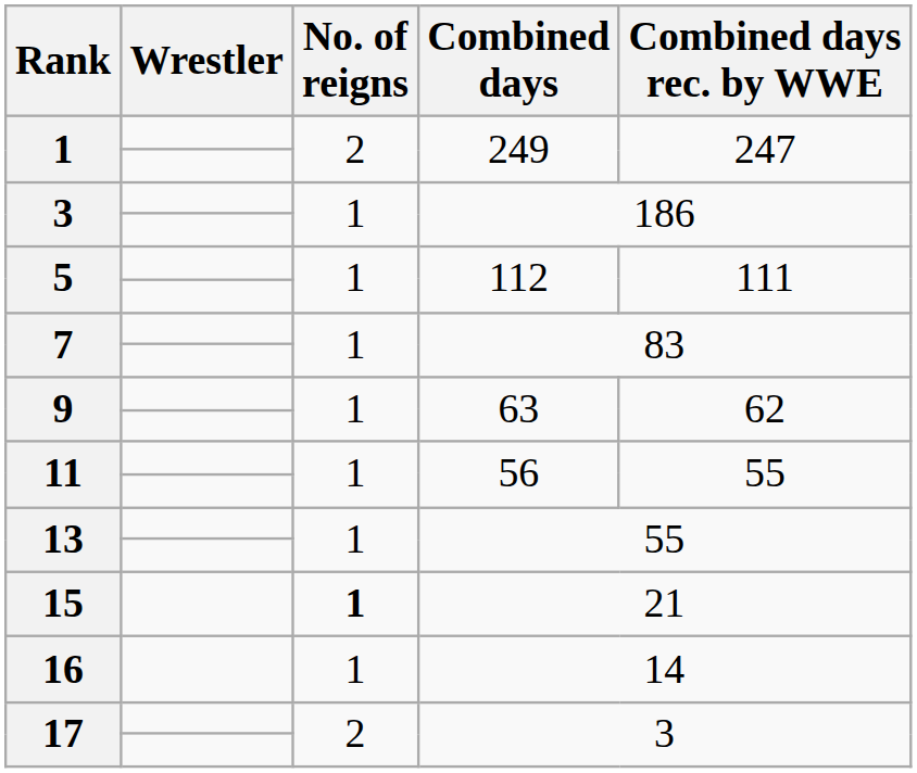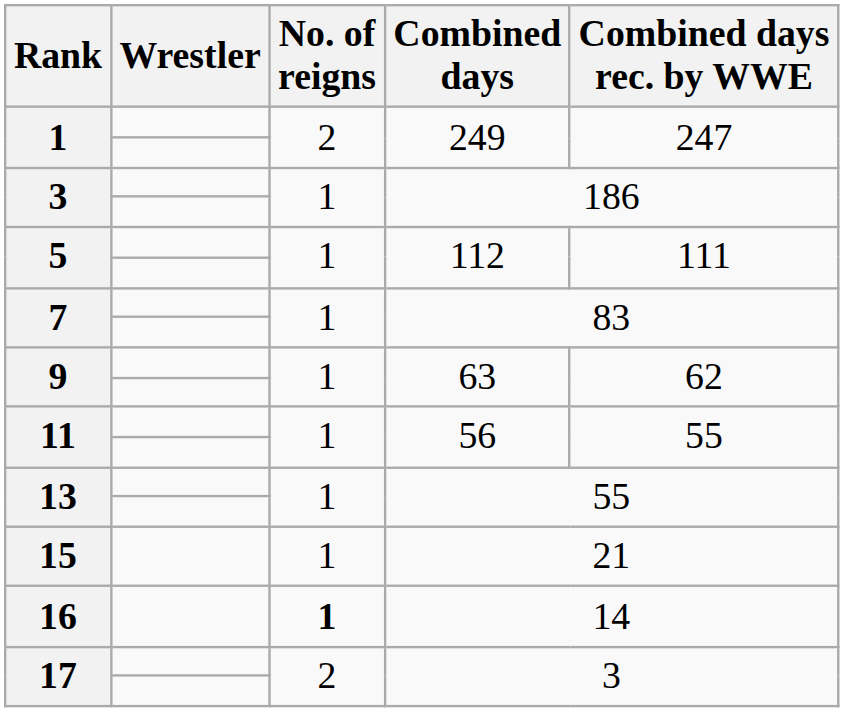 <table class="wikitable sortable" style="text-align: center">
 <tr>
 <th>Rank</th>
 <th>Wrestler</th>
 <th>No. of<br>reigns</th>
 <th>Combined<br>days</th>
 <th>Combined days<br>rec. by WWE</th>
 </tr>
 <tr>
 <th rowspan=2>1</th>
 <td></td>
 <td rowspan=2>2</td>
 <td rowspan=2>249</td>
 <td rowspan=2>247</td>
 </tr>
 <tr>
 <td></td>
 </tr>
 <tr>
 <th rowspan=2>3</th>
 <td></td>
 <td rowspan=2>1</td>
 <td rowspan=2 colspan=2>186</td>
 </tr>
 <tr>
 <td></td>
 </tr>
 <tr>
 <th rowspan=2>5</th>
 <td></td>
 <td rowspan=2>1</td>
 <td rowspan="2">112</td>
 <td rowspan="2">111</td>
 </tr>
 <tr>
 <td></td>
 </tr>
 <tr>
 <th rowspan=2>7</th>
 <td></td>
 <td rowspan="2">1</td>
 <td rowspan=2 colspan=2>83</td>
 </tr>
 <tr>
 <td></td>
 </tr>
 <tr>
 <th rowspan=2>9</th>
 <td></td>
 <td rowspan=2>1</td>
 <td rowspan="2">63</td>
 <td rowspan="2">62</td>
 </tr>
 <tr>
 <td></td>
 </tr>
 <tr>
 <th rowspan=2>11</th>
 <td></td>
 <td rowspan=2>1</td>
 <td rowspan="2">56</td>
 <td rowspan="2">55</td>
 </tr>
 <tr>
 <td></td>
 </tr>
 <tr>
 <th rowspan=2>13</th>
 <td></td>
 <td rowspan=2>1</td>
 <td rowspan=2 colspan=2>55</td>
 </tr>
 <tr>
 <td></td>
 </tr>
 <tr>
 <th>15</th>
 <td></td>
-<td><strong>1</strong></td>
+<td>1</td>
 <td colspan=2>21</td>
 </tr>
 <tr>
 <th>16</th>
 <td></td>
-<td>1</td>
+<td><strong>1</strong></td>
 <td colspan=2>14</td>
 </tr>
 <tr>
 <th rowspan=2>17</th>
 <td></td>
 <td rowspan=2>2</td>
 <td rowspan=2 colspan=2>3</td>
 </tr>
 <tr>
 <td></td>
 </tr>
 </table>
